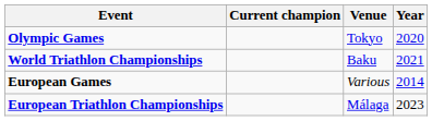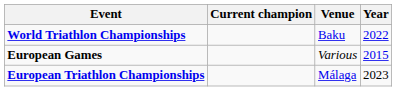 <table class="wikitable sortable" style="text-align:left; text-valign:top">
 <tr>
 <th>Event</th>
 <th>Current champion</th>
 <th>Venue</th>
 <th>Year</th>
 </tr>
 <tr>
-<td><strong><a href='#'>Olympic Games</a></strong></td>
-<td></td>
-<td> <a href='#'>Tokyo</a></td>
-<td><a href='#'>2020</a></td>
-</tr>
-<tr>
 <td><strong><a href='#'>World Triathlon Championships</a></strong></td>
 <td></td>
 <td> <a href='#'>Baku</a></td>
-<td><a href='#'>2021</a></td>
+<td><a href='#'>2022</a></td>
 </tr>
 <tr>
 <td><strong>European Games</strong></td>
 <td></td>
 <td><em>Various</em></td>
-<td><a href='#'>2014</a></td>
+<td><a href='#'>2015</a></td>
 </tr>
 <tr>
 <td><strong><a href='#'>European Triathlon Championships</a></strong></td>
 <td></td>
 <td> <a href='#'>Málaga</a></td>
 <td>2023</td>
 </tr>
 </table>
